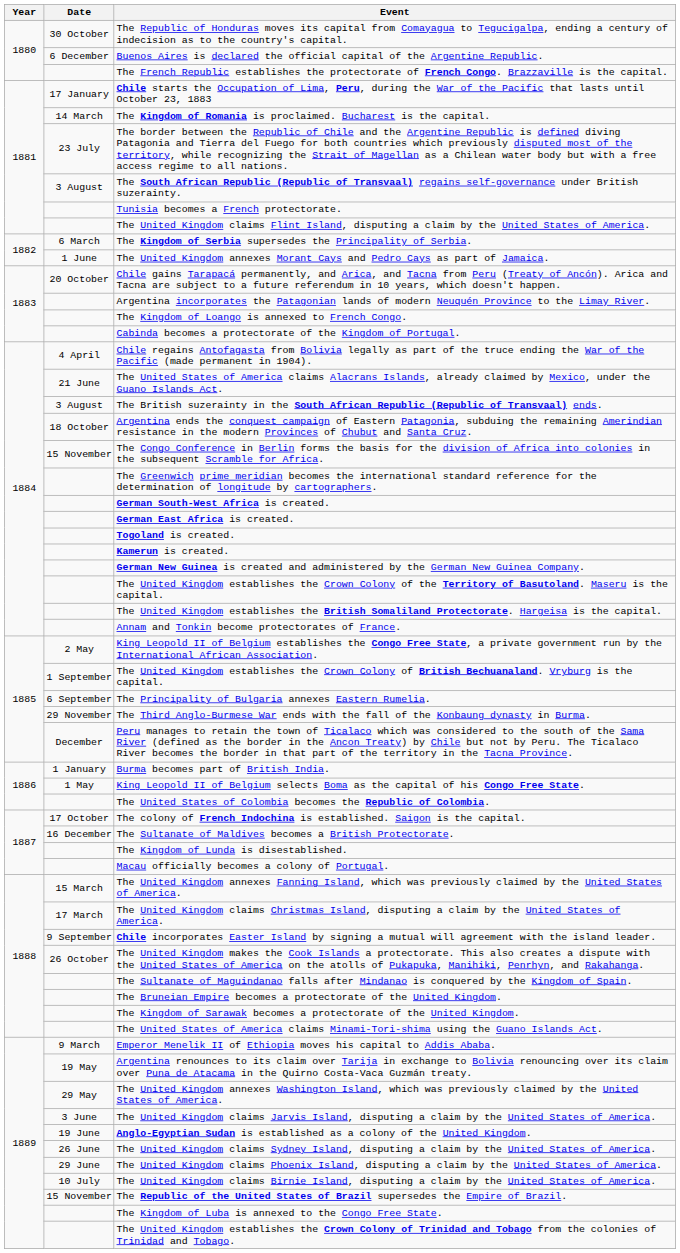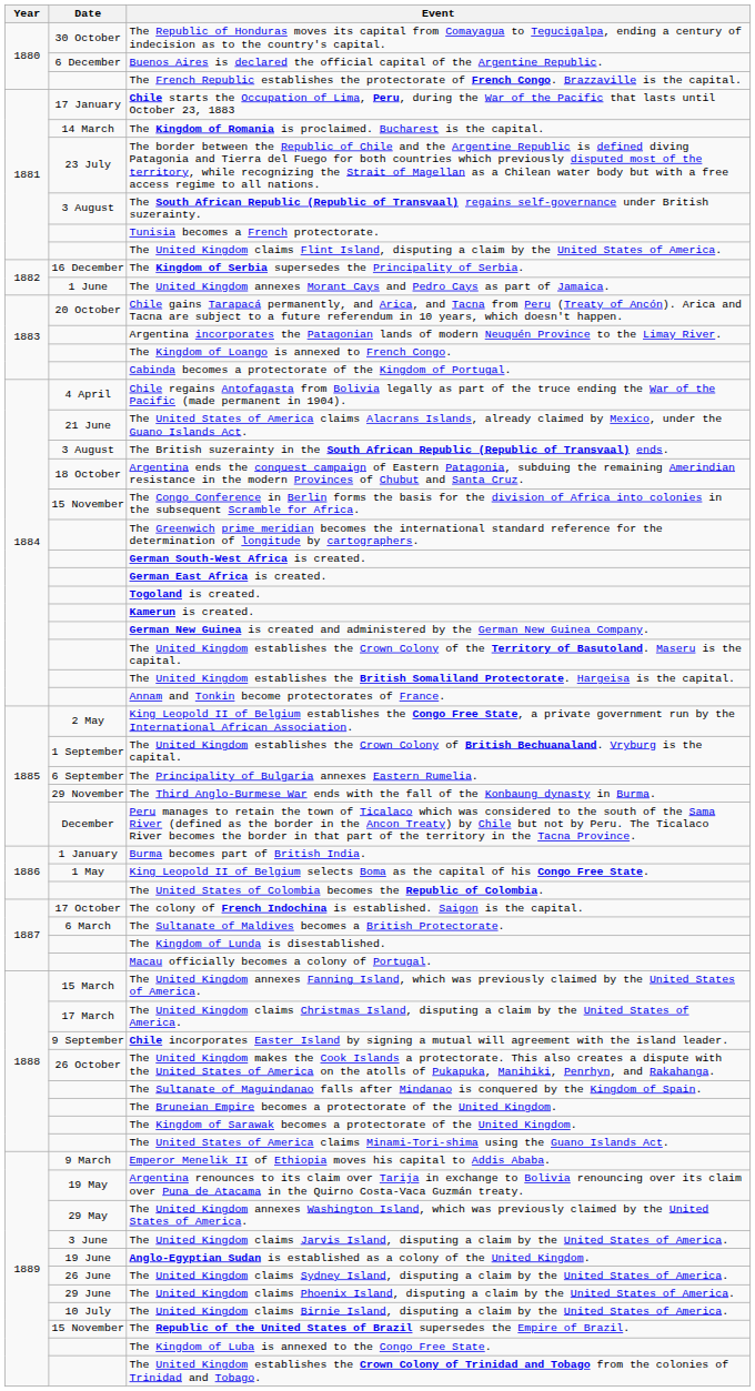 <table class=wikitable style="width:100%;">
 <tr>
 <th style="width:6%">Year</th>
 <th style="width:8%">Date</th>
 <th style="width:86%">Event</th>
 </tr>
 <tr>
 <td rowspan=3 align=center>1880</td>
 <td align=center>30 October</td>
 <td>The <a href='#'>Republic of Honduras</a> moves its capital from <a href='#'>Comayagua</a> to <a href='#'>Tegucigalpa</a>, ending a century of indecision as to the country's capital.</td>
 </tr>
 <tr>
 <td align=center>6 December</td>
 <td><a href='#'>Buenos Aires</a> is <a href='#'>declared</a> the official capital of the <a href='#'>Argentine Republic</a>.</td>
 </tr>
 <tr>
 <td></td>
 <td>The <a href='#'>French Republic</a> establishes the protectorate of <strong><a href='#'>French Congo</a></strong>. <a href='#'>Brazzaville</a> is the capital.</td>
 </tr>
 <tr>
 <td rowspan=6 align=center>1881</td>
 <td align=center>17 January</td>
 <td><strong><a href='#'>Chile</a></strong> starts the <a href='#'>Occupation of Lima</a>, <strong><a href='#'>Peru</a></strong>, during the <a href='#'>War of the Pacific</a> that lasts until October 23, 1883</td>
 </tr>
 <tr>
 <td align=center>14 March</td>
 <td>The <strong><a href='#'>Kingdom of Romania</a></strong> is proclaimed. <a href='#'>Bucharest</a> is the capital.</td>
 </tr>
 <tr>
 <td align=center>23 July</td>
 <td>The border between the <a href='#'>Republic of Chile</a> and the <a href='#'>Argentine Republic</a> is <a href='#'>defined</a> diving Patagonia and Tierra del Fuego for both countries which previously <a href='#'>disputed most of the territory</a>, while recognizing the <a href='#'>Strait of Magellan</a> as a Chilean water body but with a free access regime to all nations.</td>
 </tr>
 <tr>
 <td align=center>3 August</td>
 <td>The <strong><a href='#'>South African Republic (Republic of Transvaal)</a></strong> <a href='#'>regains self-governance</a> under British suzerainty.</td>
 </tr>
 <tr>
 <td></td>
 <td><a href='#'>Tunisia</a> becomes a <a href='#'>French</a> protectorate.</td>
 </tr>
 <tr>
 <td></td>
 <td>The <a href='#'>United Kingdom</a> claims <a href='#'>Flint Island</a>, disputing a claim by the <a href='#'>United States of America</a>.</td>
 </tr>
 <tr>
 <td rowspan=2 align=center>1882</td>
-<td align=center>6 March</td>
+<td align=center>16 December</td>
 <td>The <strong><a href='#'>Kingdom of Serbia</a></strong> supersedes the <a href='#'>Principality of Serbia</a>.</td>
 </tr>
 <tr>
 <td align=center>1 June</td>
 <td>The <a href='#'>United Kingdom</a> annexes <a href='#'>Morant Cays</a> and <a href='#'>Pedro Cays</a> as part of <a href='#'>Jamaica</a>.</td>
 </tr>
 <tr>
 <td rowspan=4 align=center>1883</td>
 <td align=center>20 October</td>
 <td><a href='#'>Chile</a> gains <a href='#'>Tarapacá</a> permanently, and <a href='#'>Arica</a>, and <a href='#'>Tacna</a> from <a href='#'>Peru</a> (<a href='#'>Treaty of Ancón</a>). Arica and Tacna are subject to a future referendum in 10 years, which doesn't happen.</td>
 </tr>
 <tr>
 <td></td>
 <td>Argentina <a href='#'>incorporates</a> the <a href='#'>Patagonian</a> lands of modern <a href='#'>Neuquén Province</a> to the <a href='#'>Limay River</a>.</td>
 </tr>
 <tr>
 <td></td>
 <td>The <a href='#'>Kingdom of Loango</a> is annexed to <a href='#'>French Congo</a>.</td>
 </tr>
 <tr>
 <td></td>
 <td><a href='#'>Cabinda</a> becomes a protectorate of the <a href='#'>Kingdom of Portugal</a>.</td>
 </tr>
 <tr>
 <td rowspan=14 align=center>1884</td>
 <td align=center>4 April</td>
 <td><a href='#'>Chile</a> regains <a href='#'>Antofagasta</a> from <a href='#'>Bolivia</a> legally as part of the truce ending the <a href='#'>War of the Pacific</a> (made permanent in 1904).</td>
 </tr>
 <tr>
 <td align=center>21 June</td>
 <td>The <a href='#'>United States of America</a> claims <a href='#'>Alacrans Islands</a>, already claimed by <a href='#'>Mexico</a>, under the <a href='#'>Guano Islands Act</a>.</td>
 </tr>
 <tr>
 <td align=center>3 August</td>
 <td>The British suzerainty in the <strong><a href='#'>South African Republic (Republic of Transvaal)</a></strong> <a href='#'>ends</a>.</td>
 </tr>
 <tr>
 <td align=center>18 October</td>
 <td><a href='#'>Argentina</a> ends the <a href='#'>conquest campaign</a> of Eastern <a href='#'>Patagonia</a>, subduing the remaining <a href='#'>Amerindian</a> resistance in the modern <a href='#'>Provinces</a> of <a href='#'>Chubut</a> and <a href='#'>Santa Cruz</a>.</td>
 </tr>
 <tr>
 <td align=center>15 November</td>
 <td>The <a href='#'>Congo Conference</a> in <a href='#'>Berlin</a> forms the basis for the <a href='#'>division of Africa into colonies</a> in the subsequent <a href='#'>Scramble for Africa</a>.</td>
 </tr>
 <tr>
 <td></td>
 <td>The <a href='#'>Greenwich</a> <a href='#'>prime meridian</a> becomes the international standard reference for the determination of <a href='#'>longitude</a> by <a href='#'>cartographers</a>.</td>
 </tr>
 <tr>
 <td></td>
 <td><strong><a href='#'>German South-West Africa</a></strong> is created.</td>
 </tr>
 <tr>
 <td></td>
 <td><strong><a href='#'>German East Africa</a></strong> is created.</td>
 </tr>
 <tr>
 <td></td>
 <td><strong><a href='#'>Togoland</a></strong> is created.</td>
 </tr>
 <tr>
 <td></td>
 <td><strong><a href='#'>Kamerun</a></strong> is created.</td>
 </tr>
 <tr>
 <td></td>
 <td><strong><a href='#'>German New Guinea</a></strong> is created and administered by the <a href='#'>German New Guinea Company</a>.</td>
 </tr>
 <tr>
 <td></td>
 <td>The <a href='#'>United Kingdom</a> establishes the <a href='#'>Crown Colony</a> of the <strong><a href='#'>Territory of Basutoland</a></strong>. <a href='#'>Maseru</a> is the capital.</td>
 </tr>
 <tr>
 <td></td>
 <td>The <a href='#'>United Kingdom</a> establishes the <strong><a href='#'>British Somaliland Protectorate</a></strong>. <a href='#'>Hargeisa</a> is the capital.</td>
 </tr>
 <tr>
 <td></td>
 <td><a href='#'>Annam</a> and <a href='#'>Tonkin</a> become protectorates of <a href='#'>France</a>.</td>
 </tr>
 <tr>
 <td rowspan=5 align=center>1885</td>
 <td align=center>2 May</td>
 <td><a href='#'>King Leopold II of Belgium</a> establishes the <strong><a href='#'>Congo Free State</a></strong>, a private government run by the <a href='#'>International African Association</a>.</td>
 </tr>
 <tr>
 <td align=center>1 September</td>
 <td>The <a href='#'>United Kingdom</a> establishes the <a href='#'>Crown Colony</a> of <strong><a href='#'>British Bechuanaland</a></strong>. <a href='#'>Vryburg</a> is the capital.</td>
 </tr>
 <tr>
 <td align=center>6 September</td>
 <td>The <a href='#'>Principality of Bulgaria</a> annexes <a href='#'>Eastern Rumelia</a>.</td>
 </tr>
 <tr>
 <td align=center>29 November</td>
 <td>The <a href='#'>Third Anglo-Burmese War</a> ends with the fall of the <a href='#'>Konbaung dynasty</a> in <a href='#'>Burma</a>.</td>
 </tr>
 <tr>
 <td align=center>December</td>
 <td><a href='#'>Peru</a> manages to retain the town of <a href='#'>Ticalaco</a> which was considered to the south of the <a href='#'>Sama River</a> (defined as the border in the <a href='#'>Ancon Treaty</a>) by <a href='#'>Chile</a> but not by Peru. The Ticalaco River becomes the border in that part of the territory in the <a href='#'>Tacna Province</a>.</td>
 </tr>
 <tr>
 <td rowspan=3 align=center>1886</td>
 <td align=center>1 January</td>
 <td><a href='#'>Burma</a> becomes part of <a href='#'>British India</a>.</td>
 </tr>
 <tr>
 <td align=center>1 May</td>
 <td><a href='#'>King Leopold II of Belgium</a> selects <a href='#'>Boma</a> as the capital of his <strong><a href='#'>Congo Free State</a></strong>.</td>
 </tr>
 <tr>
 <td></td>
 <td>The <a href='#'>United States of Colombia</a> becomes the <strong><a href='#'>Republic of Colombia</a></strong>.</td>
 </tr>
 <tr>
 <td rowspan=4 align=center>1887</td>
 <td align=center>17 October</td>
 <td>The colony of <strong><a href='#'>French Indochina</a></strong> is established. <a href='#'>Saigon</a> is the capital.</td>
 </tr>
 <tr>
-<td align=center>16 December</td>
+<td align=center>6 March</td>
 <td>The <a href='#'>Sultanate of Maldives</a> becomes a <a href='#'>British Protectorate</a>.</td>
 </tr>
 <tr>
 <td></td>
 <td>The <a href='#'>Kingdom of Lunda</a> is disestablished.</td>
 </tr>
 <tr>
 <td></td>
 <td><a href='#'>Macau</a> officially becomes a colony of <a href='#'>Portugal</a>.</td>
 </tr>
 <tr>
 <td rowspan=8 align=center>1888</td>
 <td align=center>15 March</td>
 <td>The <a href='#'>United Kingdom</a> annexes <a href='#'>Fanning Island</a>, which was previously claimed by the <a href='#'>United States of America</a>.</td>
 </tr>
 <tr>
 <td align=center>17 March</td>
 <td>The <a href='#'>United Kingdom</a> claims <a href='#'>Christmas Island</a>, disputing a claim by the <a href='#'>United States of America</a>.</td>
 </tr>
 <tr>
 <td align=center>9 September</td>
 <td><strong><a href='#'>Chile</a></strong> incorporates <a href='#'>Easter Island</a> by signing a mutual will agreement with the island leader.</td>
 </tr>
 <tr>
 <td align=center>26 October</td>
 <td>The <a href='#'>United Kingdom</a> makes the <a href='#'>Cook Islands</a> a protectorate. This also creates a dispute with the <a href='#'>United States of America</a> on the atolls of <a href='#'>Pukapuka</a>, <a href='#'>Manihiki</a>, <a href='#'>Penrhyn</a>, and <a href='#'>Rakahanga</a>.</td>
 </tr>
 <tr>
 <td></td>
 <td>The <a href='#'>Sultanate of Maguindanao</a> falls after <a href='#'>Mindanao</a> is conquered by the <a href='#'>Kingdom of Spain</a>.</td>
 </tr>
 <tr>
 <td></td>
 <td>The <a href='#'>Bruneian Empire</a> becomes a protectorate of the <a href='#'>United Kingdom</a>.</td>
 </tr>
 <tr>
 <td></td>
 <td>The <a href='#'>Kingdom of Sarawak</a> becomes a protectorate of the <a href='#'>United Kingdom</a>.</td>
 </tr>
 <tr>
 <td></td>
 <td>The <a href='#'>United States of America</a> claims <a href='#'>Minami-Tori-shima</a> using the <a href='#'>Guano Islands Act</a>.</td>
 </tr>
 <tr>
 <td rowspan=11 align=center>1889</td>
 <td align=center>9 March</td>
 <td><a href='#'>Emperor Menelik II</a> of <a href='#'>Ethiopia</a> moves his capital to <a href='#'>Addis Ababa</a>.</td>
 </tr>
 <tr>
 <td align=center>19 May</td>
 <td><a href='#'>Argentina</a> renounces to its claim over <a href='#'>Tarija</a> in exchange to <a href='#'>Bolivia</a> renouncing over its claim over <a href='#'>Puna de Atacama</a> in the Quirno Costa-Vaca Guzmán treaty.</td>
 </tr>
 <tr>
 <td align=center>29 May</td>
 <td>The <a href='#'>United Kingdom</a> annexes <a href='#'>Washington Island</a>, which was previously claimed by the <a href='#'>United States of America</a>.</td>
 </tr>
 <tr>
 <td align=center>3 June</td>
 <td>The <a href='#'>United Kingdom</a> claims <a href='#'>Jarvis Island</a>, disputing a claim by the <a href='#'>United States of America</a>.</td>
 </tr>
 <tr>
 <td align=center>19 June</td>
 <td><strong><a href='#'>Anglo-Egyptian Sudan</a></strong> is established as a colony of the <a href='#'>United Kingdom</a>.</td>
 </tr>
 <tr>
 <td align=center>26 June</td>
 <td>The <a href='#'>United Kingdom</a> claims <a href='#'>Sydney Island</a>, disputing a claim by the <a href='#'>United States of America</a>.</td>
 </tr>
 <tr>
 <td align=center>29 June</td>
 <td>The <a href='#'>United Kingdom</a> claims <a href='#'>Phoenix Island</a>, disputing a claim by the <a href='#'>United States of America</a>.</td>
 </tr>
 <tr>
 <td align=center>10 July</td>
 <td>The <a href='#'>United Kingdom</a> claims <a href='#'>Birnie Island</a>, disputing a claim by the <a href='#'>United States of America</a>.</td>
 </tr>
 <tr>
 <td align=center>15 November</td>
 <td>The <strong><a href='#'>Republic of the United States of Brazil</a></strong> supersedes the <a href='#'>Empire of Brazil</a>.</td>
 </tr>
 <tr>
 <td></td>
 <td>The <a href='#'>Kingdom of Luba</a> is annexed to the <a href='#'>Congo Free State</a>.</td>
 </tr>
 <tr>
 <td></td>
 <td>The <a href='#'>United Kingdom</a> establishes the <strong><a href='#'>Crown Colony of Trinidad and Tobago</a></strong> from the colonies of <a href='#'>Trinidad</a> and <a href='#'>Tobago</a>.</td>
 </tr>
 </table>
